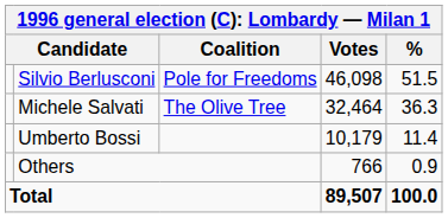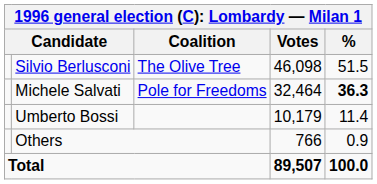 <table class=wikitable style=text-align:right>
 <tr>
 <th colspan=5><a href='#'>1996 general election</a> (<a href='#'>C</a>): <a href='#'>Lombardy</a> — <a href='#'>Milan 1</a></th>
 </tr>
 <tr>
 <th colspan=2>Candidate</th>
 <th>Coalition</th>
 <th>Votes</th>
 <th>%</th>
 </tr>
 <tr>
 <td></td>
 <td align=left><a href='#'>Silvio Berlusconi</a></td>
-<td align=left><a href='#'>Pole for Freedoms</a></td>
+<td align=left><a href='#'>The Olive Tree</a></td>
 <td>46,098</td>
 <td>51.5</td>
 </tr>
 <tr>
 <td></td>
 <td align=left>Michele Salvati</td>
-<td align=left><a href='#'>The Olive Tree</a></td>
+<td align=left><a href='#'>Pole for Freedoms</a></td>
 <td>32,464</td>
-<td>36.3</td>
+<td><strong>36.3</strong></td>
 </tr>
 <tr>
 <td></td>
 <td align=left>Umberto Bossi</td>
 <td align=left></td>
 <td>10,179</td>
 <td>11.4</td>
 </tr>
 <tr>
 <td></td>
 <td align=left colspan=2>Others</td>
 <td>766</td>
 <td>0.9</td>
 </tr>
 <tr>
 <td align=left colspan=3><strong>Total</strong></td>
 <td><strong>89,507</strong></td>
 <td><strong>100.0</strong></td>
 </tr>
 </table>
